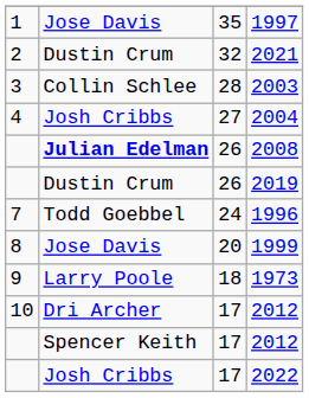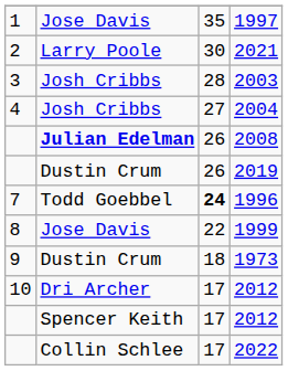 <table class="wikitable" style="display:inline-table;">
 <tr>
 </tr>
 <tr>
 <td>1</td>
 <td><a href='#'>Jose Davis</a></td>
 <td><abbr>35</abbr></td>
 <td><a href='#'>1997</a></td>
 </tr>
 <tr>
 <td>2</td>
-<td>Dustin Crum</td>
-<td><abbr>32</abbr></td>
+<td><a href='#'>Larry Poole</a></td>
+<td><abbr>30</abbr></td>
 <td><a href='#'>2021</a></td>
 </tr>
 <tr>
 <td>3</td>
-<td>Collin Schlee</td>
+<td><a href='#'>Josh Cribbs</a></td>
 <td><abbr>28</abbr></td>
 <td><a href='#'>2003</a></td>
 </tr>
 <tr>
 <td>4</td>
 <td><a href='#'>Josh Cribbs</a></td>
 <td><abbr>27</abbr></td>
 <td><a href='#'>2004</a></td>
 </tr>
 <tr>
 <td></td>
 <td><strong><a href='#'>Julian Edelman</a></strong></td>
 <td><abbr>26</abbr></td>
 <td><a href='#'>2008</a></td>
 </tr>
 <tr>
 <td></td>
 <td>Dustin Crum</td>
 <td><abbr>26</abbr></td>
 <td><a href='#'>2019</a></td>
 </tr>
 <tr>
 <td>7</td>
 <td>Todd Goebbel</td>
-<td><abbr>24</abbr></td>
+<td><strong><abbr>24</abbr></strong></td>
 <td><a href='#'>1996</a></td>
 </tr>
 <tr>
 <td>8</td>
 <td><a href='#'>Jose Davis</a></td>
-<td><abbr>20</abbr></td>
+<td><abbr>22</abbr></td>
 <td><a href='#'>1999</a></td>
 </tr>
 <tr>
 <td>9</td>
-<td><a href='#'>Larry Poole</a></td>
+<td>Dustin Crum</td>
 <td><abbr>18</abbr></td>
 <td><a href='#'>1973</a></td>
 </tr>
 <tr>
 <td>10</td>
 <td><a href='#'>Dri Archer</a></td>
 <td><abbr>17</abbr></td>
 <td><a href='#'>2012</a></td>
 </tr>
 <tr>
 <td></td>
 <td>Spencer Keith</td>
 <td><abbr>17</abbr></td>
 <td><a href='#'>2012</a></td>
 </tr>
 <tr>
 <td></td>
-<td><a href='#'>Josh Cribbs</a></td>
+<td>Collin Schlee</td>
 <td><abbr>17</abbr></td>
 <td><a href='#'>2022</a></td>
 </tr>
 </table>
